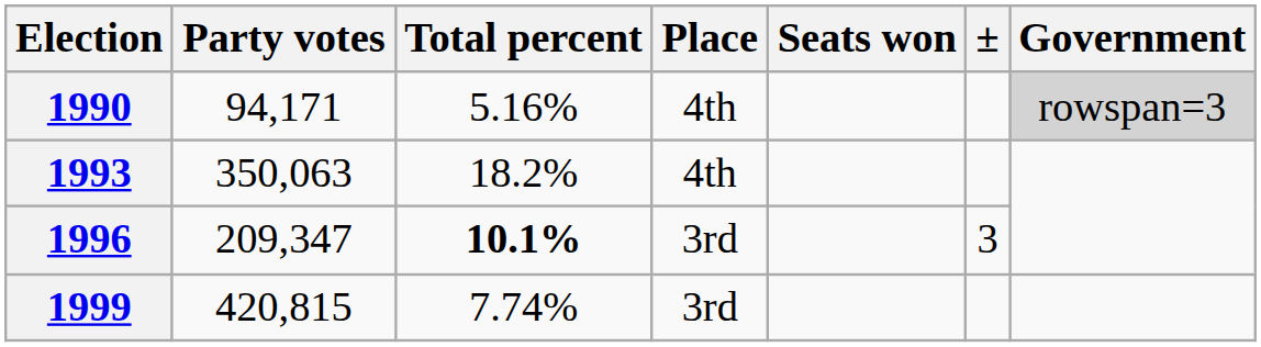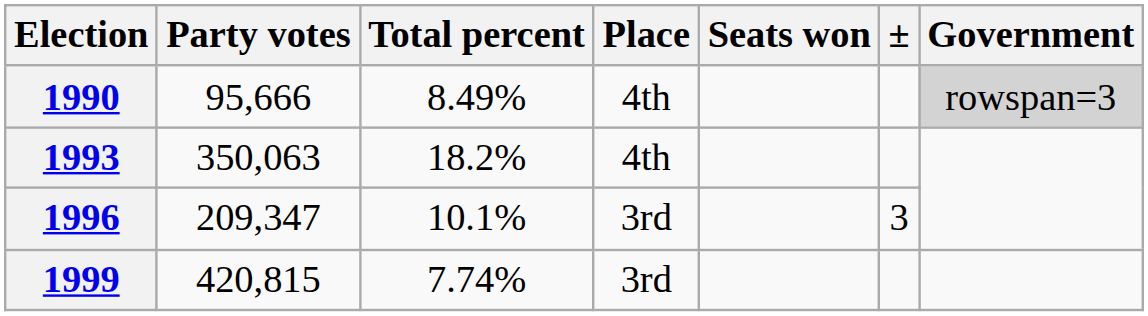 <table class="wikitable" style="text-align:center;">
 <tr>
 <th>Election</th>
 <th>Party votes</th>
 <th>Total percent</th>
 <th>Place</th>
 <th>Seats won</th>
 <th>±</th>
 <th>Government</th>
 </tr>
 <tr>
 <th><a href='#'>1990</a></th>
-<td>94,171</td>
-<td>5.16%</td>
+<td>95,666</td>
+<td>8.49%</td>
 <td>4th</td>
 <td></td>
 <td></td>
 <td style="background: lightgrey;">rowspan=3 </td>
 </tr>
 <tr>
 <th><a href='#'>1993</a></th>
 <td>350,063</td>
 <td>18.2%</td>
 <td>4th</td>
 <td></td>
 <td></td>
 </tr>
 <tr>
 <th><a href='#'>1996</a></th>
 <td>209,347</td>
-<td><strong>10.1%</strong></td>
+<td>10.1%</td>
 <td>3rd</td>
 <td></td>
 <td> 3</td>
 </tr>
 <tr>
 <th><a href='#'>1999</a></th>
 <td>420,815</td>
 <td>7.74%</td>
 <td>3rd</td>
 <td></td>
 <td></td>
 <td></td>
 </tr>
 </table>
